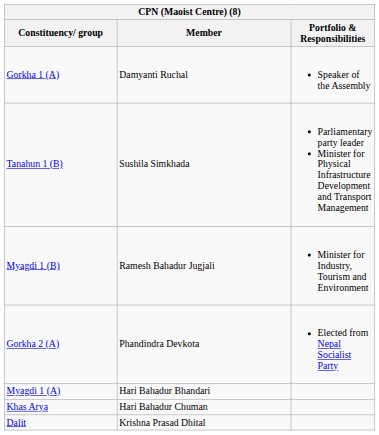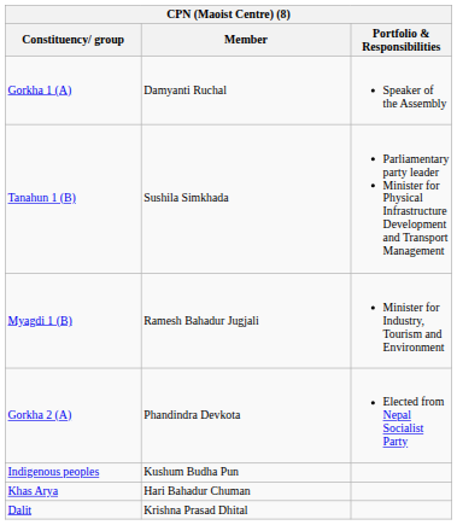 <table class="wikitable sortable">
 <tr>
 <th colspan="3" style="width: 800pt; background:">CPN (Maoist Centre) (8)</th>
 </tr>
 <tr>
 <th style="width:150pt;">Constituency/ group</th>
 <th style="width:250pt;">Member</th>
 <th>Portfolio & Responsibilities</th>
 </tr>
 <tr>
 <td><a href='#'>Gorkha 1 (A)</a></td>
 <td>Damyanti Ruchal</td>
 <td><br><ul><li>Speaker of the Assembly</li></ul></td>
 </tr>
 <tr>
 <td><a href='#'>Tanahun 1 (B)</a></td>
 <td>Sushila Simkhada</td>
 <td><br><ul><li>Parliamentary party leader</li><li>Minister for Physical Infrastructure Development and Transport Management</li></ul></td>
 </tr>
 <tr>
 <td><a href='#'>Myagdi 1 (B)</a></td>
 <td>Ramesh Bahadur Jugjali</td>
 <td><br><ul><li>Minister for Industry, Tourism and Environment</li></ul></td>
 </tr>
 <tr>
 <td><a href='#'>Gorkha 2 (A)</a></td>
 <td>Phandindra Devkota</td>
 <td><br><ul><li>Elected from <a href='#'>Nepal Socialist Party</a></li></ul></td>
 </tr>
 <tr>
-<td><a href='#'>Myagdi 1 (A)</a></td>
-<td>Hari Bahadur Bhandari</td>
+<td><a href='#'>Indigenous peoples</a></td>
+<td>Kushum Budha Pun</td>
 <td></td>
 </tr>
 <tr>
 <td><a href='#'>Khas Arya</a></td>
 <td>Hari Bahadur Chuman</td>
 <td></td>
 </tr>
 <tr>
 <td><a href='#'>Dalit</a></td>
 <td>Krishna Prasad Dhital</td>
 <td></td>
 </tr>
 </table>
